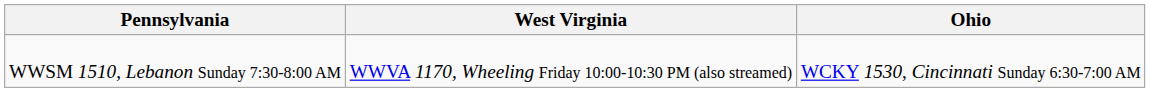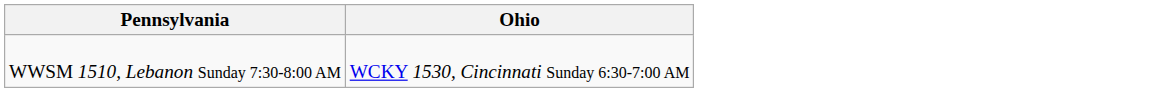 <table class="wikitable">
 <tr>
 <th>Pennsylvania</th>
-<th>West Virginia</th>
 <th>Ohio</th>
 </tr>
 <tr>
 <td><br>WWSM <em>1510, Lebanon</em> <small>Sunday 7:30-8:00 AM</small></td>
-<td><br><a href='#'>WWVA</a> <em>1170, Wheeling</em> <small>Friday 10:00-10:30 PM (also streamed)</small></td>
 <td><br><a href='#'>WCKY</a> <em>1530, Cincinnati</em> <small>Sunday 6:30-7:00 AM</small></td>
 </tr>
 </table>
